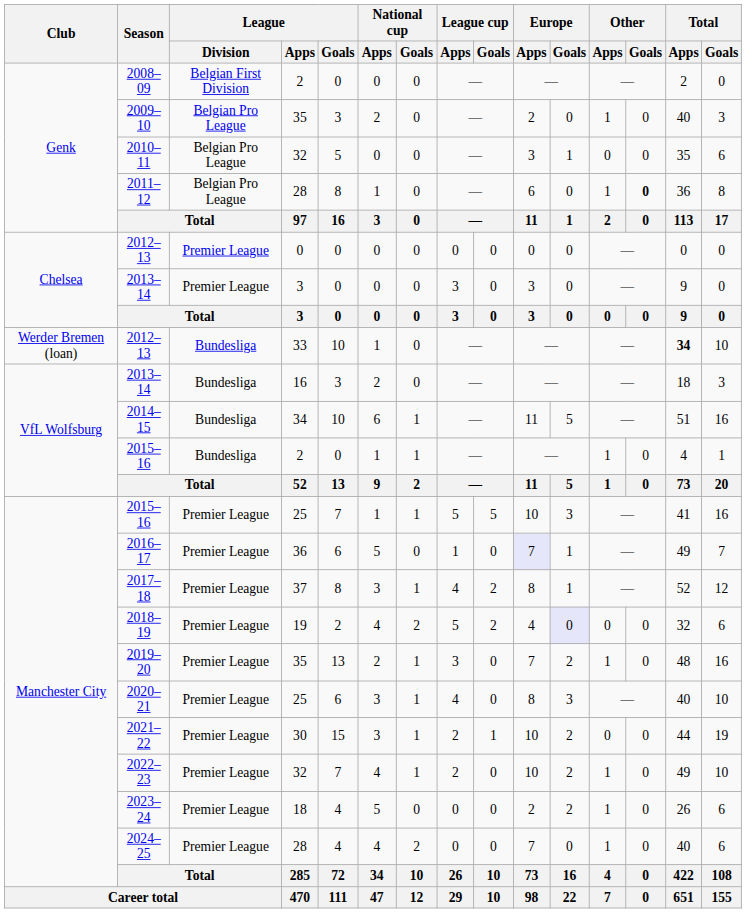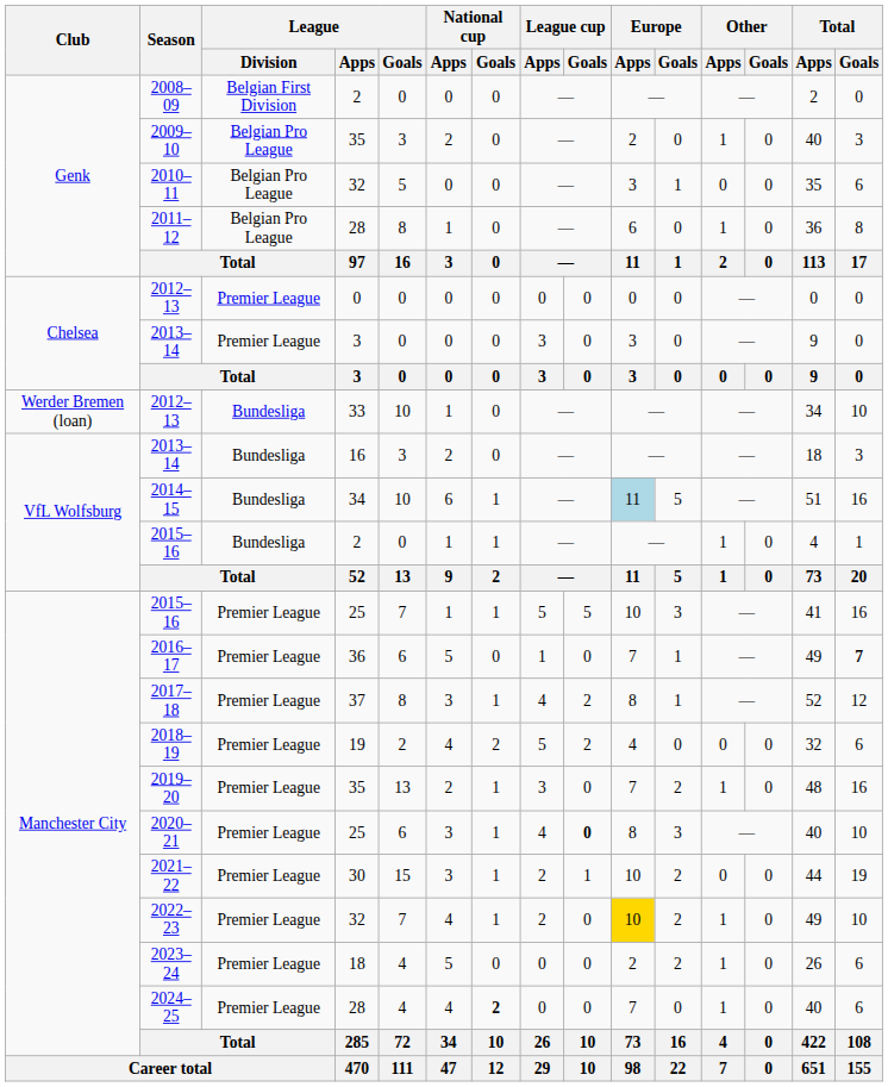 <table class="wikitable" style="text-align: center;">
 <tr>
 <th rowspan="2">Club</th>
 <th rowspan="2">Season</th>
 <th colspan="3">League</th>
 <th colspan="2">National cup</th>
 <th colspan="2">League cup</th>
 <th colspan="2">Europe</th>
 <th colspan="2">Other</th>
 <th colspan="2">Total</th>
 </tr>
 <tr>
 <th>Division</th>
 <th>Apps</th>
 <th>Goals</th>
 <th>Apps</th>
 <th>Goals</th>
 <th>Apps</th>
 <th>Goals</th>
 <th>Apps</th>
 <th>Goals</th>
 <th>Apps</th>
 <th>Goals</th>
 <th>Apps</th>
 <th>Goals</th>
 </tr>
 <tr>
 <td rowspan="5"><a href='#'>Genk</a></td>
 <td><a href='#'>2008–09</a></td>
 <td><a href='#'>Belgian First Division</a></td>
 <td>2</td>
 <td>0</td>
 <td>0</td>
 <td>0</td>
 <td colspan="2">—</td>
 <td colspan="2">—</td>
 <td colspan="2">—</td>
 <td>2</td>
 <td>0</td>
 </tr>
 <tr>
 <td><a href='#'>2009–10</a></td>
 <td><a href='#'>Belgian Pro League</a></td>
 <td>35</td>
 <td>3</td>
 <td>2</td>
 <td>0</td>
 <td colspan="2">—</td>
 <td>2</td>
 <td>0</td>
 <td>1</td>
 <td>0</td>
 <td>40</td>
 <td>3</td>
 </tr>
 <tr>
 <td><a href='#'>2010–11</a></td>
 <td>Belgian Pro League</td>
 <td>32</td>
 <td>5</td>
 <td>0</td>
 <td>0</td>
 <td colspan="2">—</td>
 <td>3</td>
 <td>1</td>
 <td>0</td>
 <td>0</td>
 <td>35</td>
 <td>6</td>
 </tr>
 <tr>
 <td><a href='#'>2011–12</a></td>
 <td>Belgian Pro League</td>
 <td>28</td>
 <td>8</td>
 <td>1</td>
 <td>0</td>
 <td colspan="2">—</td>
 <td>6</td>
 <td>0</td>
 <td>1</td>
-<td><strong>0</strong></td>
+<td>0</td>
 <td>36</td>
 <td>8</td>
 </tr>
 <tr>
 <th colspan="2">Total</th>
 <th>97</th>
 <th>16</th>
 <th>3</th>
 <th>0</th>
 <th colspan="2">—</th>
 <th>11</th>
 <th>1</th>
 <th>2</th>
 <th>0</th>
 <th>113</th>
 <th>17</th>
 </tr>
 <tr>
 <td rowspan="3"><a href='#'>Chelsea</a></td>
 <td><a href='#'>2012–13</a></td>
 <td><a href='#'>Premier League</a></td>
 <td>0</td>
 <td>0</td>
 <td>0</td>
 <td>0</td>
 <td>0</td>
 <td>0</td>
 <td>0</td>
 <td>0</td>
 <td colspan="2">—</td>
 <td>0</td>
 <td>0</td>
 </tr>
 <tr>
 <td><a href='#'>2013–14</a></td>
 <td>Premier League</td>
 <td>3</td>
 <td>0</td>
 <td>0</td>
 <td>0</td>
 <td>3</td>
 <td>0</td>
 <td>3</td>
 <td>0</td>
 <td colspan="2">—</td>
 <td>9</td>
 <td>0</td>
 </tr>
 <tr>
 <th colspan="2">Total</th>
 <th>3</th>
 <th>0</th>
 <th>0</th>
 <th>0</th>
 <th>3</th>
 <th>0</th>
 <th>3</th>
 <th>0</th>
 <th>0</th>
 <th>0</th>
 <th>9</th>
 <th>0</th>
 </tr>
 <tr>
 <td><a href='#'>Werder Bremen</a> (loan)</td>
 <td><a href='#'>2012–13</a></td>
 <td><a href='#'>Bundesliga</a></td>
 <td>33</td>
 <td>10</td>
 <td>1</td>
 <td>0</td>
 <td colspan="2">—</td>
 <td colspan="2">—</td>
 <td colspan="2">—</td>
-<td><strong>34</strong></td>
+<td>34</td>
 <td>10</td>
 </tr>
 <tr>
 <td rowspan="4"><a href='#'>VfL Wolfsburg</a></td>
 <td><a href='#'>2013–14</a></td>
 <td>Bundesliga</td>
 <td>16</td>
 <td>3</td>
 <td>2</td>
 <td>0</td>
 <td colspan="2">—</td>
 <td colspan="2">—</td>
 <td colspan="2">—</td>
 <td>18</td>
 <td>3</td>
 </tr>
 <tr>
 <td><a href='#'>2014–15</a></td>
 <td>Bundesliga</td>
 <td>34</td>
 <td>10</td>
 <td>6</td>
 <td>1</td>
 <td colspan="2">—</td>
-<td>11</td>
+<td style="background: lightblue;">11</td>
 <td>5</td>
 <td colspan="2">—</td>
 <td>51</td>
 <td>16</td>
 </tr>
 <tr>
 <td><a href='#'>2015–16</a></td>
 <td>Bundesliga</td>
 <td>2</td>
 <td>0</td>
 <td>1</td>
 <td>1</td>
 <td colspan="2">—</td>
 <td colspan="2">—</td>
 <td>1</td>
 <td>0</td>
 <td>4</td>
 <td>1</td>
 </tr>
 <tr>
 <th colspan="2">Total</th>
 <th>52</th>
 <th>13</th>
 <th>9</th>
 <th>2</th>
 <th colspan="2">—</th>
 <th>11</th>
 <th>5</th>
 <th>1</th>
 <th>0</th>
 <th>73</th>
 <th>20</th>
 </tr>
 <tr>
 <td rowspan="11"><a href='#'>Manchester City</a></td>
 <td><a href='#'>2015–16</a></td>
 <td>Premier League</td>
 <td>25</td>
 <td>7</td>
 <td>1</td>
 <td>1</td>
 <td>5</td>
 <td>5</td>
 <td>10</td>
 <td>3</td>
 <td colspan="2">—</td>
 <td>41</td>
 <td>16</td>
 </tr>
 <tr>
 <td><a href='#'>2016–17</a></td>
 <td>Premier League</td>
 <td>36</td>
 <td>6</td>
 <td>5</td>
 <td>0</td>
 <td>1</td>
 <td>0</td>
-<td style="background: lavender;">7</td>
+<td>7</td>
 <td>1</td>
 <td colspan="2">—</td>
 <td>49</td>
-<td>7</td>
+<td><strong>7</strong></td>
 </tr>
 <tr>
 <td><a href='#'>2017–18</a></td>
 <td>Premier League</td>
 <td>37</td>
 <td>8</td>
 <td>3</td>
 <td>1</td>
 <td>4</td>
 <td>2</td>
 <td>8</td>
 <td>1</td>
 <td colspan="2">—</td>
 <td>52</td>
 <td>12</td>
 </tr>
 <tr>
 <td><a href='#'>2018–19</a></td>
 <td>Premier League</td>
 <td>19</td>
 <td>2</td>
 <td>4</td>
 <td>2</td>
 <td>5</td>
 <td>2</td>
 <td>4</td>
-<td style="background: lavender;">0</td>
+<td>0</td>
 <td>0</td>
 <td>0</td>
 <td>32</td>
 <td>6</td>
 </tr>
 <tr>
 <td><a href='#'>2019–20</a></td>
 <td>Premier League</td>
 <td>35</td>
 <td>13</td>
 <td>2</td>
 <td>1</td>
 <td>3</td>
 <td>0</td>
 <td>7</td>
 <td>2</td>
 <td>1</td>
 <td>0</td>
 <td>48</td>
 <td>16</td>
 </tr>
 <tr>
 <td><a href='#'>2020–21</a></td>
 <td>Premier League</td>
 <td>25</td>
 <td>6</td>
 <td>3</td>
 <td>1</td>
 <td>4</td>
-<td>0</td>
+<td><strong>0</strong></td>
 <td>8</td>
 <td>3</td>
 <td colspan="2">—</td>
 <td>40</td>
 <td>10</td>
 </tr>
 <tr>
 <td><a href='#'>2021–22</a></td>
 <td>Premier League</td>
 <td>30</td>
 <td>15</td>
 <td>3</td>
 <td>1</td>
 <td>2</td>
 <td>1</td>
 <td>10</td>
 <td>2</td>
 <td>0</td>
 <td>0</td>
 <td>44</td>
 <td>19</td>
 </tr>
 <tr>
 <td><a href='#'>2022–23</a></td>
 <td>Premier League</td>
 <td>32</td>
 <td>7</td>
 <td>4</td>
 <td>1</td>
 <td>2</td>
 <td>0</td>
-<td>10</td>
+<td style="background: gold;">10</td>
 <td>2</td>
 <td>1</td>
 <td>0</td>
 <td>49</td>
 <td>10</td>
 </tr>
 <tr>
 <td><a href='#'>2023–24</a></td>
 <td>Premier League</td>
 <td>18</td>
 <td>4</td>
 <td>5</td>
 <td>0</td>
 <td>0</td>
 <td>0</td>
 <td>2</td>
 <td>2</td>
 <td>1</td>
 <td>0</td>
 <td>26</td>
 <td>6</td>
 </tr>
 <tr>
 <td><a href='#'>2024–25</a></td>
 <td>Premier League</td>
 <td>28</td>
 <td>4</td>
 <td>4</td>
-<td>2</td>
+<td><strong>2</strong></td>
 <td>0</td>
 <td>0</td>
 <td>7</td>
 <td>0</td>
 <td>1</td>
 <td>0</td>
 <td>40</td>
 <td>6</td>
 </tr>
 <tr>
 <th colspan="2">Total</th>
 <th>285</th>
 <th>72</th>
 <th>34</th>
 <th>10</th>
 <th>26</th>
 <th>10</th>
 <th>73</th>
 <th>16</th>
 <th>4</th>
 <th>0</th>
 <th>422</th>
 <th>108</th>
 </tr>
 <tr>
 <th colspan="3">Career total</th>
 <th>470</th>
 <th>111</th>
 <th>47</th>
 <th>12</th>
 <th>29</th>
 <th>10</th>
 <th>98</th>
 <th>22</th>
 <th>7</th>
 <th>0</th>
 <th>651</th>
 <th>155</th>
 </tr>
 </table>
